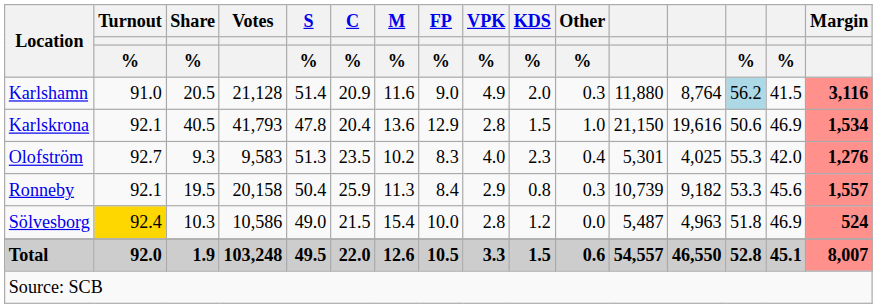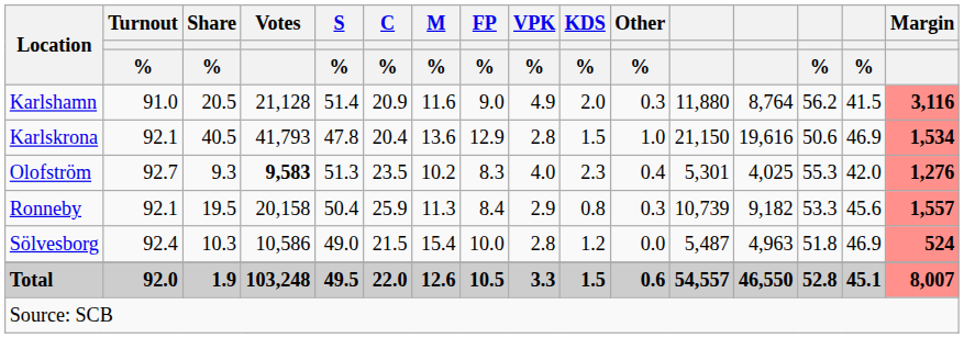 <table class="wikitable sortable" style="text-align:right; font-size:95%; line-height:20px;">
 <tr>
 <th rowspan="3">Location</th>
 <th>Turnout</th>
 <th>Share</th>
 <th>Votes</th>
 <th width="30px" class="unsortable"><a href='#'>S</a></th>
 <th width="30px" class="unsortable"><a href='#'>C</a></th>
 <th width="30px" class="unsortable"><a href='#'>M</a></th>
 <th width="30px" class="unsortable"><a href='#'>FP</a></th>
 <th width="30px" class="unsortable"><a href='#'>VPK</a></th>
 <th width="30px" class="unsortable"><a href='#'>KDS</a></th>
 <th width="30px" class="unsortable">Other</th>
 <th></th>
 <th></th>
 <th></th>
 <th></th>
 <th>Margin</th>
 </tr>
 <tr>
 <th></th>
 <th></th>
 <th></th>
 <th style="background:"></th>
 <th style="background:"></th>
 <th style="background:"></th>
 <th style="background:"></th>
 <th style="background:"></th>
 <th style="background:"></th>
 <th style="background:"></th>
 <th style="background:"></th>
 <th style="background:"></th>
 <th style="background:"></th>
 <th style="background:"></th>
 <th></th>
 </tr>
 <tr>
 <th data-sort-type="number">%</th>
 <th data-sort-type="number">%</th>
 <th></th>
 <th data-sort-type="number">%</th>
 <th data-sort-type="number">%</th>
 <th data-sort-type="number">%</th>
 <th data-sort-type="number">%</th>
 <th data-sort-type="number">%</th>
 <th data-sort-type="number">%</th>
 <th data-sort-type="number">%</th>
 <th data-sort-type="number"></th>
 <th data-sort-type="number"></th>
 <th data-sort-type="number">%</th>
 <th data-sort-type="number">%</th>
 <th data-sort-type="number"></th>
 </tr>
 <tr>
 <td align=left><a href='#'>Karlshamn</a></td>
 <td>91.0</td>
 <td>20.5</td>
 <td>21,128</td>
 <td>51.4</td>
 <td>20.9</td>
 <td>11.6</td>
 <td>9.0</td>
 <td>4.9</td>
 <td>2.0</td>
 <td>0.3</td>
 <td>11,880</td>
 <td>8,764</td>
-<td style="background: lightblue;">56.2</td>
+<td>56.2</td>
 <td>41.5</td>
 <td bgcolor=#ff908c><strong>3,116</strong></td>
 </tr>
 <tr>
 <td align=left><a href='#'>Karlskrona</a></td>
 <td>92.1</td>
 <td>40.5</td>
 <td>41,793</td>
 <td>47.8</td>
 <td>20.4</td>
 <td>13.6</td>
 <td>12.9</td>
 <td>2.8</td>
 <td>1.5</td>
 <td>1.0</td>
 <td>21,150</td>
 <td>19,616</td>
 <td>50.6</td>
 <td>46.9</td>
 <td bgcolor=#ff908c><strong>1,534</strong></td>
 </tr>
 <tr>
 <td align=left><a href='#'>Olofström</a></td>
 <td>92.7</td>
 <td>9.3</td>
-<td>9,583</td>
+<td><strong>9,583</strong></td>
 <td>51.3</td>
 <td>23.5</td>
 <td>10.2</td>
 <td>8.3</td>
 <td>4.0</td>
 <td>2.3</td>
 <td>0.4</td>
 <td>5,301</td>
 <td>4,025</td>
 <td>55.3</td>
 <td>42.0</td>
 <td bgcolor=#ff908c><strong>1,276</strong></td>
 </tr>
 <tr>
 <td align=left><a href='#'>Ronneby</a></td>
 <td>92.1</td>
 <td>19.5</td>
 <td>20,158</td>
 <td>50.4</td>
 <td>25.9</td>
 <td>11.3</td>
 <td>8.4</td>
 <td>2.9</td>
 <td>0.8</td>
 <td>0.3</td>
 <td>10,739</td>
 <td>9,182</td>
 <td>53.3</td>
 <td>45.6</td>
 <td bgcolor=#ff908c><strong>1,557</strong></td>
 </tr>
 <tr>
 <td align=left><a href='#'>Sölvesborg</a></td>
-<td style="background: gold;">92.4</td>
+<td>92.4</td>
 <td>10.3</td>
 <td>10,586</td>
 <td>49.0</td>
 <td>21.5</td>
 <td>15.4</td>
 <td>10.0</td>
 <td>2.8</td>
 <td>1.2</td>
 <td>0.0</td>
 <td>5,487</td>
 <td>4,963</td>
 <td>51.8</td>
 <td>46.9</td>
 <td bgcolor=#ff908c><strong>524</strong></td>
 </tr>
 <tr>
 </tr>
 <tr style="background:#CDCDCD;">
 <td align=left><strong>Total</strong></td>
 <td><strong>92.0</strong></td>
 <td><strong>1.9</strong></td>
 <td><strong>103,248</strong></td>
 <td><strong>49.5</strong></td>
 <td><strong>22.0</strong></td>
 <td><strong>12.6</strong></td>
 <td><strong>10.5</strong></td>
 <td><strong>3.3</strong></td>
 <td><strong>1.5</strong></td>
 <td><strong>0.6</strong></td>
 <td><strong>54,557</strong></td>
 <td><strong>46,550</strong></td>
 <td><strong>52.8</strong></td>
 <td><strong>45.1</strong></td>
 <td bgcolor=#ff908c><strong>8,007</strong></td>
 </tr>
 <tr>
 <td align=left colspan=16>Source: SCB </td>
 </tr>
 </table>
